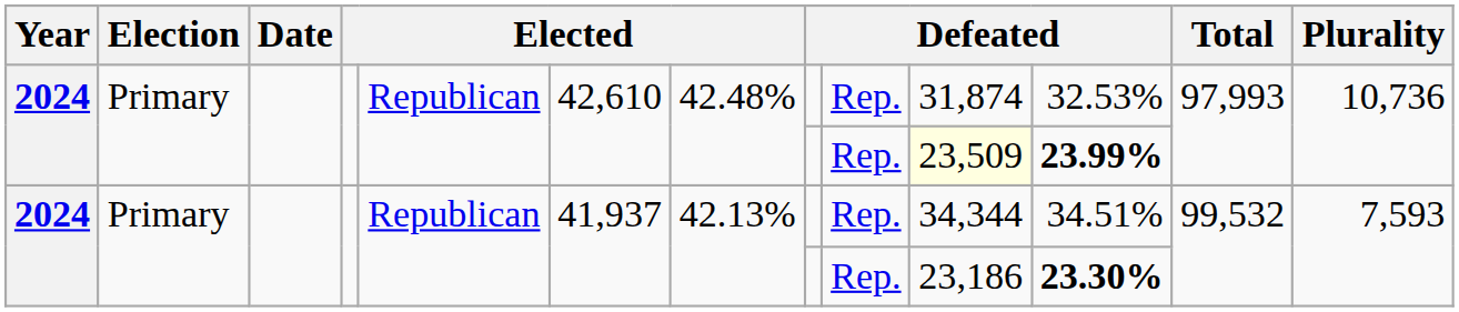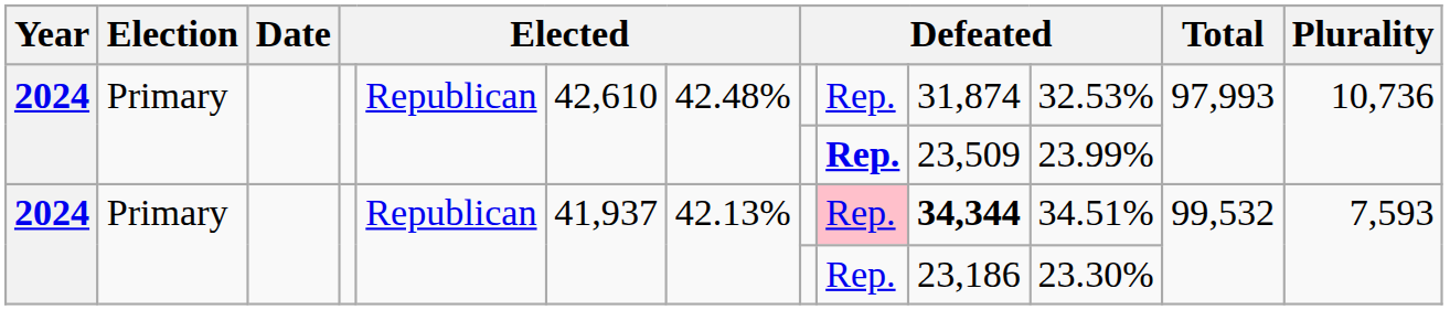 <table class="wikitable">
 <tr>
 <th>Year</th>
 <th>Election</th>
 <th>Date</th>
 <th colspan="4">Elected</th>
 <th colspan="4">Defeated</th>
 <th>Total</th>
 <th>Plurality</th>
 </tr>
 <tr>
 <th rowspan="2" valign="top"><a href='#'>2024</a><br></th>
 <td rowspan="2" valign="top">Primary</td>
 <td rowspan="2" valign="top"></td>
 <td rowspan="2" valign="top"></td>
 <td rowspan="2" valign="top" ><a href='#'>Republican</a></td>
 <td rowspan="2" valign="top" align="right">42,610</td>
 <td rowspan="2" valign="top" align="right">42.48%</td>
 <td valign="top"></td>
 <td valign="top" ><a href='#'>Rep.</a></td>
 <td valign="top" align="right">31,874</td>
 <td valign="top" align="right">32.53%</td>
 <td rowspan="2" valign="top" align="right">97,993</td>
 <td rowspan="2" valign="top" align="right">10,736</td>
 </tr>
 <tr>
 <td valign="top"></td>
-<td valign="top" ><a href='#'>Rep.</a></td>
-<td valign="top" align="right" style="background: lightyellow;">23,509</td>
-<td valign="top" align="right"><strong>23.99%</strong></td>
+<td valign="top" ><strong><a href='#'>Rep.</a></strong></td>
+<td valign="top" align="right">23,509</td>
+<td valign="top" align="right">23.99%</td>
 </tr>
 <tr>
 <th rowspan="2" valign="top"><a href='#'>2024</a></th>
 <td rowspan="2" valign="top">Primary</td>
 <td valign="top" rowspan="2"></td>
 <td valign="top" rowspan="2"></td>
 <td valign="top" rowspan="2" valign="top" ><a href='#'>Republican</a></td>
 <td rowspan="2" valign="top" align="right">41,937</td>
 <td rowspan="2" valign="top" align="right">42.13%</td>
 <td></td>
-<td valign="top" ><a href='#'>Rep.</a></td>
-<td valign="top" align="right">34,344</td>
+<td valign="top"  style="background: pink;"><a href='#'>Rep.</a></td>
+<td valign="top" align="right"><strong>34,344</strong></td>
 <td valign="top" align="right">34.51%</td>
 <td rowspan="2" valign="top" align="right">99,532</td>
 <td rowspan="2" valign="top" align="right">7,593</td>
 </tr>
 <tr>
 <td></td>
 <td valign="top" ><a href='#'>Rep.</a></td>
 <td valign="top" align="right">23,186</td>
-<td valign="top" align="right"><strong>23.30%</strong></td>
+<td valign="top" align="right">23.30%</td>
 </tr>
 </table>
